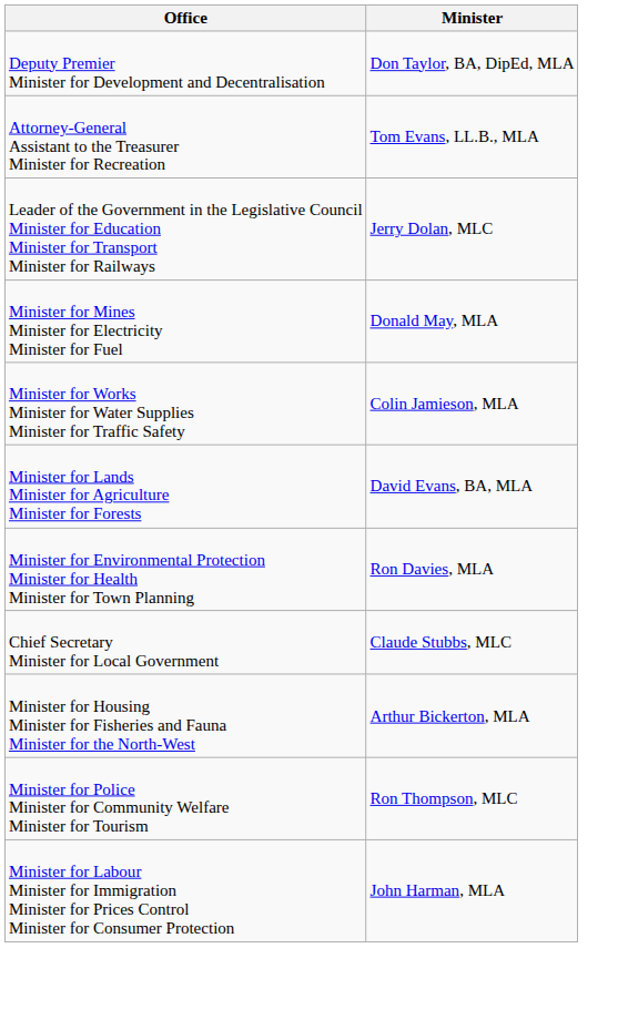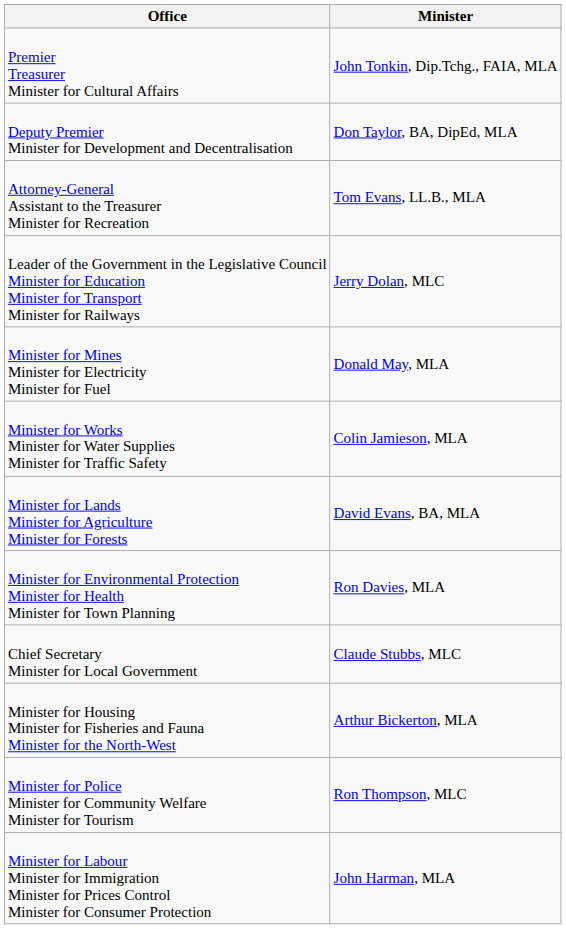 <table class="wikitable">
 <tr>
 <th>Office</th>
 <th>Minister</th>
+</tr>
+<tr>
+<td><br><a href='#'>Premier</a><br> <a href='#'>Treasurer</a><br> Minister for Cultural Affairs<br></td>
+<td><a href='#'>John Tonkin</a>, Dip.Tchg., FAIA, MLA</td>
 </tr>
 <tr>
 <td><br><a href='#'>Deputy Premier</a><br> Minister for Development and Decentralisation<br></td>
 <td><a href='#'>Don Taylor</a>, BA, DipEd, MLA</td>
 </tr>
 <tr>
 <td><br><a href='#'>Attorney-General</a><br> Assistant to the Treasurer<br> Minister for Recreation</td>
 <td><a href='#'>Tom Evans</a>, LL.B., MLA</td>
 </tr>
 <tr>
 <td><br>Leader of the Government in the Legislative Council<br> <a href='#'>Minister for Education</a><br> <a href='#'>Minister for Transport</a><br> Minister for Railways<br></td>
 <td><a href='#'>Jerry Dolan</a>, MLC</td>
 </tr>
 <tr>
 <td><br><a href='#'>Minister for Mines</a><br> Minister for Electricity<br> Minister for Fuel<br></td>
 <td><a href='#'>Donald May</a>, MLA</td>
 </tr>
 <tr>
 <td><br><a href='#'>Minister for Works</a><br> Minister for Water Supplies<br> Minister for Traffic Safety</td>
 <td><a href='#'>Colin Jamieson</a>, MLA</td>
 </tr>
 <tr>
 <td><br><a href='#'>Minister for Lands</a><br> <a href='#'>Minister for Agriculture</a><br> <a href='#'>Minister for Forests</a><br></td>
 <td><a href='#'>David Evans</a>, BA, MLA</td>
 </tr>
 <tr>
 <td><br><a href='#'>Minister for Environmental Protection</a><br> <a href='#'>Minister for Health</a><br> Minister for Town Planning<br></td>
 <td><a href='#'>Ron Davies</a>, MLA</td>
 </tr>
 <tr>
 <td><br>Chief Secretary<br> Minister for Local Government<br></td>
 <td><a href='#'>Claude Stubbs</a>, MLC</td>
 </tr>
 <tr>
 <td><br>Minister for Housing<br> Minister for Fisheries and Fauna<br> <a href='#'>Minister for the North-West</a><br></td>
 <td><a href='#'>Arthur Bickerton</a>, MLA</td>
 </tr>
 <tr>
 <td><br><a href='#'>Minister for Police</a><br> Minister for Community Welfare<br> Minister for Tourism<br></td>
 <td><a href='#'>Ron Thompson</a>, MLC</td>
 </tr>
 <tr>
 <td><br><a href='#'>Minister for Labour</a><br> Minister for Immigration<br> Minister for Prices Control<br> Minister for Consumer Protection<br></td>
 <td><a href='#'>John Harman</a>, MLA</td>
 </tr>
 </table>
